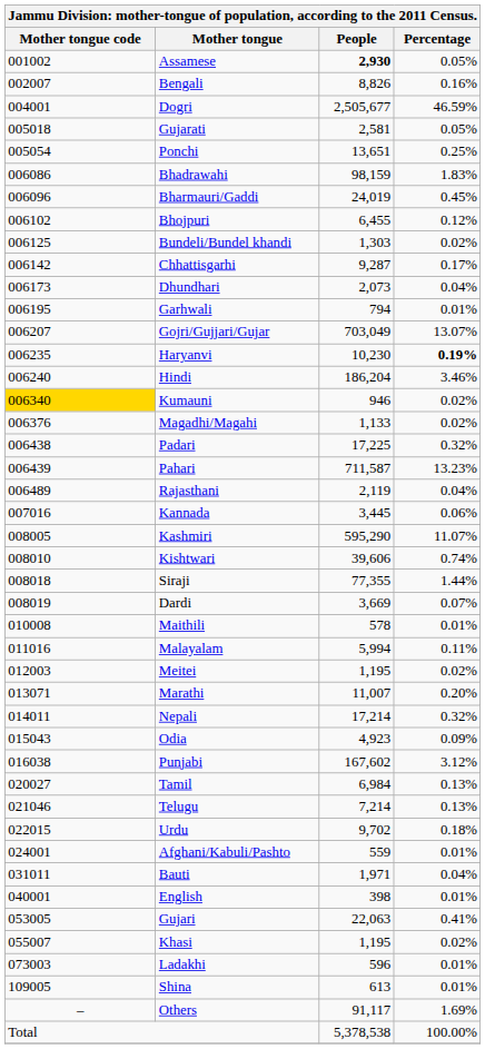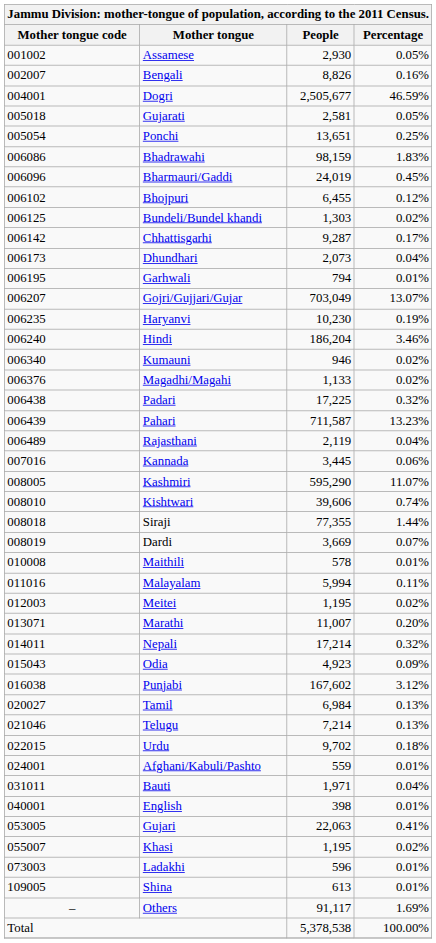 <table class="wikitable sortable mw-collapsible mw-collapsed">
 <tr style="vertical-align:top;">
 <th colspan=4>Jammu Division: mother-tongue of population, according to the 2011 Census.</th>
 </tr>
 <tr style="vertical-align:top;">
 <th>Mother tongue code</th>
 <th>Mother tongue</th>
 <th>People</th>
 <th>Percentage</th>
 </tr>
 <tr style="vertical-align:top;">
 <td>001002</td>
 <td><a href='#'>Assamese</a></td>
-<td style="text-align:right;"><strong>2,930</strong></td>
+<td style="text-align:right;">2,930</td>
 <td style="text-align:right;">0.05%</td>
 </tr>
 <tr style="vertical-align:top;">
 <td>002007</td>
 <td><a href='#'>Bengali</a></td>
 <td style="text-align:right;">8,826</td>
 <td style="text-align:right;">0.16%</td>
 </tr>
 <tr style="vertical-align:top;">
 <td>004001</td>
 <td><a href='#'>Dogri</a></td>
 <td style="text-align:right;">2,505,677</td>
 <td style="text-align:right;">46.59%</td>
 </tr>
 <tr style="vertical-align:top;">
 <td>005018</td>
 <td><a href='#'>Gujarati</a></td>
 <td style="text-align:right;">2,581</td>
 <td style="text-align:right;">0.05%</td>
 </tr>
 <tr style="vertical-align:top;">
 <td>005054</td>
 <td><a href='#'>Ponchi</a></td>
 <td style="text-align:right;">13,651</td>
 <td style="text-align:right;">0.25%</td>
 </tr>
 <tr style="vertical-align:top;">
 <td>006086</td>
 <td><a href='#'>Bhadrawahi</a></td>
 <td style="text-align:right;">98,159</td>
 <td style="text-align:right;">1.83%</td>
 </tr>
 <tr style="vertical-align:top;">
 <td>006096</td>
 <td><a href='#'>Bharmauri/Gaddi</a></td>
 <td style="text-align:right;">24,019</td>
 <td style="text-align:right;">0.45%</td>
 </tr>
 <tr style="vertical-align:top;">
 <td>006102</td>
 <td><a href='#'>Bhojpuri</a></td>
 <td style="text-align:right;">6,455</td>
 <td style="text-align:right;">0.12%</td>
 </tr>
 <tr style="vertical-align:top;">
 <td>006125</td>
 <td><a href='#'>Bundeli/Bundel khandi</a></td>
 <td style="text-align:right;">1,303</td>
 <td style="text-align:right;">0.02%</td>
 </tr>
 <tr style="vertical-align:top;">
 <td>006142</td>
 <td><a href='#'>Chhattisgarhi</a></td>
 <td style="text-align:right;">9,287</td>
 <td style="text-align:right;">0.17%</td>
 </tr>
 <tr style="vertical-align:top;">
 <td>006173</td>
 <td><a href='#'>Dhundhari</a></td>
 <td style="text-align:right;">2,073</td>
 <td style="text-align:right;">0.04%</td>
 </tr>
 <tr style="vertical-align:top;">
 <td>006195</td>
 <td><a href='#'>Garhwali</a></td>
 <td style="text-align:right;">794</td>
 <td style="text-align:right;">0.01%</td>
 </tr>
 <tr style="vertical-align:top;">
 <td>006207</td>
 <td><a href='#'>Gojri/Gujjari/Gujar</a></td>
 <td style="text-align:right;">703,049</td>
 <td style="text-align:right;">13.07%</td>
 </tr>
 <tr style="vertical-align:top;">
 <td>006235</td>
 <td><a href='#'>Haryanvi</a></td>
 <td style="text-align:right;">10,230</td>
-<td style="text-align:right;"><strong>0.19%</strong></td>
+<td style="text-align:right;">0.19%</td>
 </tr>
 <tr style="vertical-align:top;">
 <td>006240</td>
 <td><a href='#'>Hindi</a></td>
 <td style="text-align:right;">186,204</td>
 <td style="text-align:right;">3.46%</td>
 </tr>
 <tr style="vertical-align:top;">
-<td style="background: gold;">006340</td>
+<td>006340</td>
 <td><a href='#'>Kumauni</a></td>
 <td style="text-align:right;">946</td>
 <td style="text-align:right;">0.02%</td>
 </tr>
 <tr style="vertical-align:top;">
 <td>006376</td>
 <td><a href='#'>Magadhi/Magahi</a></td>
 <td style="text-align:right;">1,133</td>
 <td style="text-align:right;">0.02%</td>
 </tr>
 <tr style="vertical-align:top;">
 <td>006438</td>
 <td><a href='#'>Padari</a></td>
 <td style="text-align:right;">17,225</td>
 <td style="text-align:right;">0.32%</td>
 </tr>
 <tr style="vertical-align:top;">
 <td>006439</td>
 <td><a href='#'>Pahari</a></td>
 <td style="text-align:right;">711,587</td>
 <td style="text-align:right;">13.23%</td>
 </tr>
 <tr style="vertical-align:top;">
 <td>006489</td>
 <td><a href='#'>Rajasthani</a></td>
 <td style="text-align:right;">2,119</td>
 <td style="text-align:right;">0.04%</td>
 </tr>
 <tr style="vertical-align:top;">
 <td>007016</td>
 <td><a href='#'>Kannada</a></td>
 <td style="text-align:right;">3,445</td>
 <td style="text-align:right;">0.06%</td>
 </tr>
 <tr style="vertical-align:top;">
 <td>008005</td>
 <td><a href='#'>Kashmiri</a></td>
 <td style="text-align:right;">595,290</td>
 <td style="text-align:right;">11.07%</td>
 </tr>
 <tr style="vertical-align:top;">
 <td>008010</td>
 <td><a href='#'>Kishtwari</a></td>
 <td style="text-align:right;">39,606</td>
 <td style="text-align:right;">0.74%</td>
 </tr>
 <tr style="vertical-align:top;">
 <td>008018</td>
 <td>Siraji</td>
 <td style="text-align:right;">77,355</td>
 <td style="text-align:right;">1.44%</td>
 </tr>
 <tr style="vertical-align:top;">
 <td>008019</td>
 <td>Dardi</td>
 <td style="text-align:right;">3,669</td>
 <td style="text-align:right;">0.07%</td>
 </tr>
 <tr style="vertical-align:top;">
 <td>010008</td>
 <td><a href='#'>Maithili</a></td>
 <td style="text-align:right;">578</td>
 <td style="text-align:right;">0.01%</td>
 </tr>
 <tr style="vertical-align:top;">
 <td>011016</td>
 <td><a href='#'>Malayalam</a></td>
 <td style="text-align:right;">5,994</td>
 <td style="text-align:right;">0.11%</td>
 </tr>
 <tr style="vertical-align:top;">
 <td>012003</td>
 <td><a href='#'>Meitei</a></td>
 <td style="text-align:right;">1,195</td>
 <td style="text-align:right;">0.02%</td>
 </tr>
 <tr style="vertical-align:top;">
 <td>013071</td>
 <td><a href='#'>Marathi</a></td>
 <td style="text-align:right;">11,007</td>
 <td style="text-align:right;">0.20%</td>
 </tr>
 <tr style="vertical-align:top;">
 <td>014011</td>
 <td><a href='#'>Nepali</a></td>
 <td style="text-align:right;">17,214</td>
 <td style="text-align:right;">0.32%</td>
 </tr>
 <tr style="vertical-align:top;">
 <td>015043</td>
 <td><a href='#'>Odia</a></td>
 <td style="text-align:right;">4,923</td>
 <td style="text-align:right;">0.09%</td>
 </tr>
 <tr style="vertical-align:top;">
 <td>016038</td>
 <td><a href='#'>Punjabi</a></td>
 <td style="text-align:right;">167,602</td>
 <td style="text-align:right;">3.12%</td>
 </tr>
 <tr style="vertical-align:top;">
 <td>020027</td>
 <td><a href='#'>Tamil</a></td>
 <td style="text-align:right;">6,984</td>
 <td style="text-align:right;">0.13%</td>
 </tr>
 <tr style="vertical-align:top;">
 <td>021046</td>
 <td><a href='#'>Telugu</a></td>
 <td style="text-align:right;">7,214</td>
 <td style="text-align:right;">0.13%</td>
 </tr>
 <tr style="vertical-align:top;">
 <td>022015</td>
 <td><a href='#'>Urdu</a></td>
 <td style="text-align:right;">9,702</td>
 <td style="text-align:right;">0.18%</td>
 </tr>
 <tr style="vertical-align:top;">
 <td>024001</td>
 <td><a href='#'>Afghani/Kabuli/Pashto</a></td>
 <td style="text-align:right;">559</td>
 <td style="text-align:right;">0.01%</td>
 </tr>
 <tr style="vertical-align:top;">
 <td>031011</td>
 <td><a href='#'>Bauti</a></td>
 <td style="text-align:right;">1,971</td>
 <td style="text-align:right;">0.04%</td>
 </tr>
 <tr style="vertical-align:top;">
 <td>040001</td>
 <td><a href='#'>English</a></td>
 <td style="text-align:right;">398</td>
 <td style="text-align:right;">0.01%</td>
 </tr>
 <tr style="vertical-align:top;">
 <td>053005</td>
 <td><a href='#'>Gujari</a></td>
 <td style="text-align:right;">22,063</td>
 <td style="text-align:right;">0.41%</td>
 </tr>
 <tr style="vertical-align:top;">
 <td>055007</td>
 <td><a href='#'>Khasi</a></td>
 <td style="text-align:right;">1,195</td>
 <td style="text-align:right;">0.02%</td>
 </tr>
 <tr style="vertical-align:top;">
 <td>073003</td>
 <td><a href='#'>Ladakhi</a></td>
 <td style="text-align:right;">596</td>
 <td style="text-align:right;">0.01%</td>
 </tr>
 <tr style="vertical-align:top;">
 <td>109005</td>
 <td><a href='#'>Shina</a></td>
 <td style="text-align:right;">613</td>
 <td style="text-align:right;">0.01%</td>
 </tr>
 <tr style="vertical-align:top;">
 <td style="text-align:center;">–</td>
 <td><a href='#'>Others</a></td>
 <td style="text-align:right;">91,117</td>
 <td style="text-align:right;">1.69%</td>
 </tr>
 <tr style="vertical-align:top;" class=sortbottom>
 <td colspan=2>Total</td>
 <td style="text-align:right;">5,378,538</td>
 <td style="text-align:right;">100.00%</td>
 </tr>
 <tr>
 </tr>
 </table>
